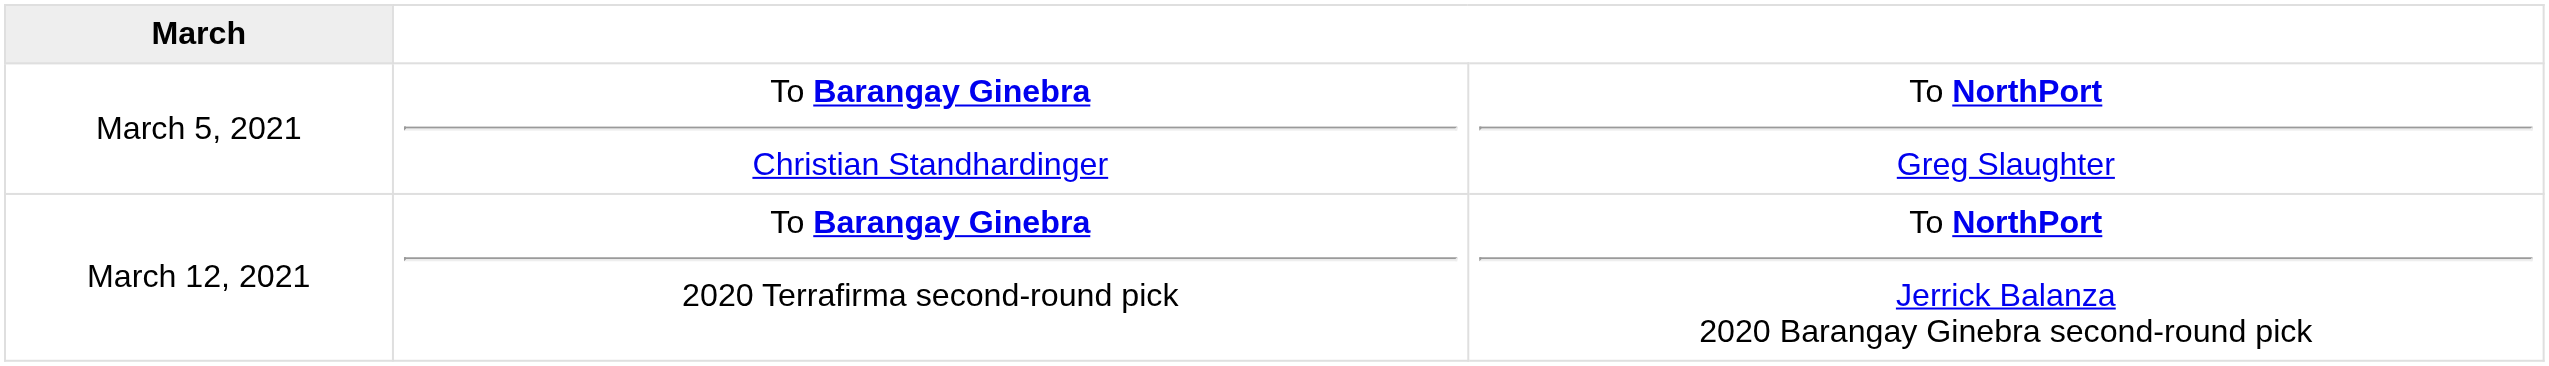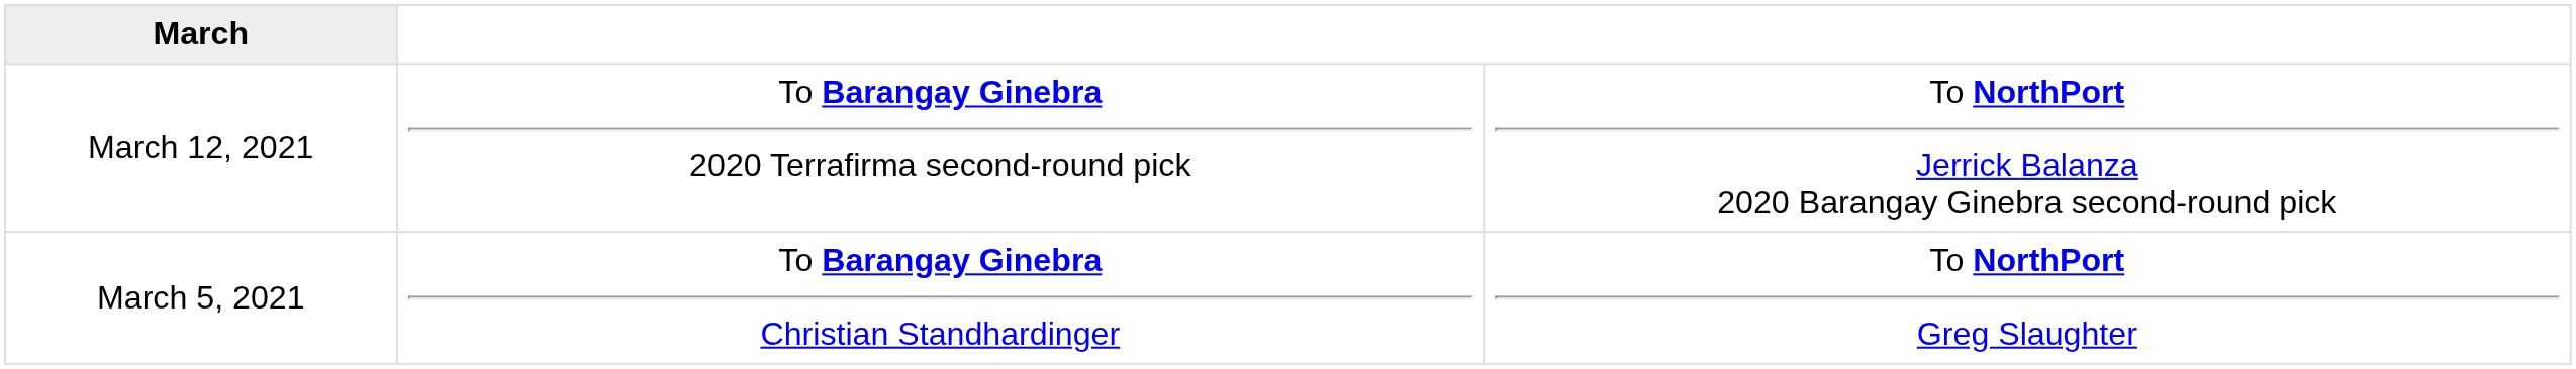 <table border=1 style="border-collapse:collapse; text-align: center; width: 100%" bordercolor="#DFDFDF"  cellpadding="5">
 <tr bgcolor="eeeeee">
 <th>March</th>
+</tr>
+<tr>
+<td style="width:12%">March 12, 2021</td>
+<td style="width:29.3%" valign="top">To <strong><a href='#'>Barangay Ginebra</a></strong><hr>2020 Terrafirma second-round pick</td>
+<td style="width:29.3%" valign="top">To <strong><a href='#'>NorthPort</a></strong><hr><a href='#'>Jerrick Balanza</a><br>2020 Barangay Ginebra second-round pick</td>
 </tr>
 <tr>
 <td style="width:12%">March 5, 2021</td>
 <td style="width:33.3%" valign="top">To <strong><a href='#'>Barangay Ginebra</a></strong><hr><a href='#'>Christian Standhardinger</a></td>
 <td style="width:33.3%" valign="top">To <strong><a href='#'>NorthPort</a></strong><hr><a href='#'>Greg Slaughter</a></td>
 </tr>
-<tr>
-<td style="width:12%">March 12, 2021</td>
-<td style="width:29.3%" valign="top">To <strong><a href='#'>Barangay Ginebra</a></strong><hr>2020 Terrafirma second-round pick</td>
-<td style="width:29.3%" valign="top">To <strong><a href='#'>NorthPort</a></strong><hr><a href='#'>Jerrick Balanza</a><br>2020 Barangay Ginebra second-round pick</td>
-</tr>
 </table>
